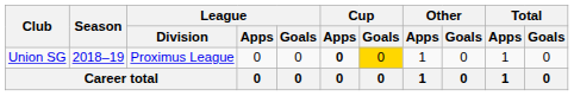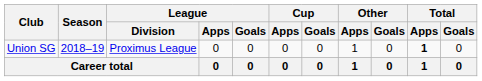 <table class="wikitable" style="text-align: center">
 <tr>
 <th rowspan="2">Club</th>
 <th rowspan="2">Season</th>
 <th colspan="3">League</th>
 <th colspan="2">Cup</th>
 <th colspan="2">Other</th>
 <th colspan="2">Total</th>
 </tr>
 <tr>
 <th>Division</th>
 <th>Apps</th>
 <th>Goals</th>
 <th>Apps</th>
 <th>Goals</th>
 <th>Apps</th>
 <th>Goals</th>
 <th>Apps</th>
 <th>Goals</th>
 </tr>
 <tr>
 <td><a href='#'>Union SG</a></td>
 <td><a href='#'>2018–19</a></td>
 <td><a href='#'>Proximus League</a></td>
 <td>0</td>
 <td>0</td>
-<td><strong>0</strong></td>
-<td style="background: gold;">0</td>
+<td>0</td>
+<td>0</td>
 <td>1</td>
 <td>0</td>
-<td>1</td>
+<td><strong>1</strong></td>
 <td>0</td>
 </tr>
 <tr>
 <th colspan="3"><strong>Career total</strong></th>
 <th>0</th>
 <th>0</th>
 <th>0</th>
 <th>0</th>
 <th>1</th>
 <th>0</th>
 <th>1</th>
 <th>0</th>
 </tr>
 </table>
